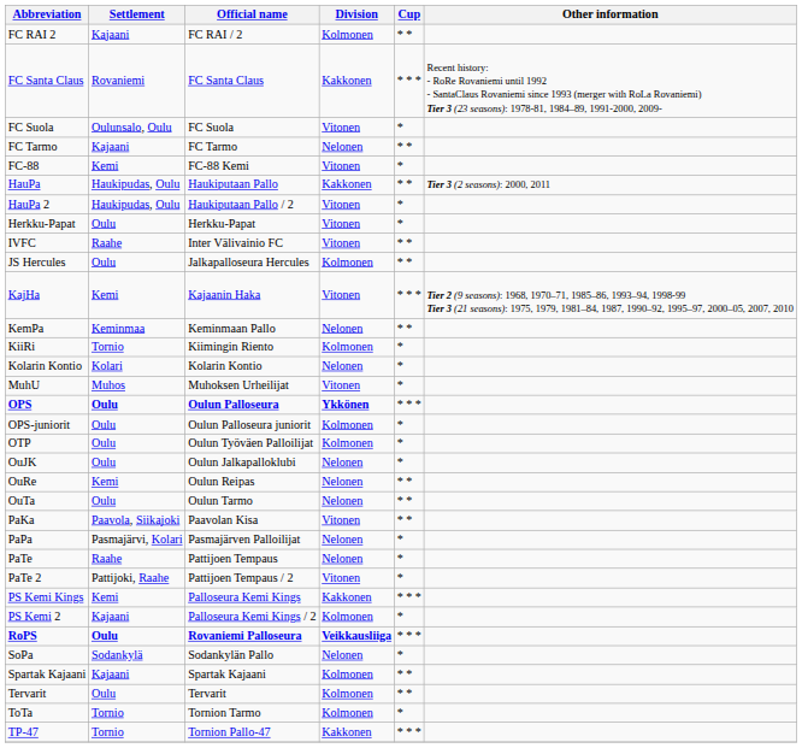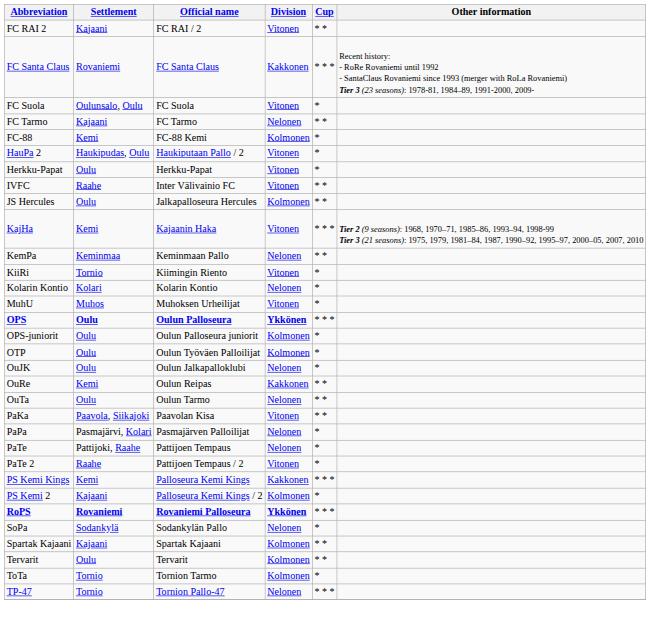 <table class="wikitable" style="text-align:left">
 <tr>
 <th style= width="120px"><a href='#'>Abbreviation</a></th>
 <th style= width="110px"><a href='#'>Settlement</a></th>
 <th style= width="200px"><a href='#'>Official name</a></th>
 <th style= width="80px"><a href='#'>Division</a></th>
 <th style= width="40px"><a href='#'>Cup</a></th>
 <th style= width="300px">Other information</th>
 </tr>
 <tr>
 <td>FC RAI 2</td>
 <td><a href='#'>Kajaani</a></td>
 <td>FC RAI / 2</td>
-<td><a href='#'>Kolmonen</a></td>
+<td><a href='#'>Vitonen</a></td>
 <td>* *</td>
 <td></td>
 </tr>
 <tr>
 <td><a href='#'>FC Santa Claus</a></td>
 <td><a href='#'>Rovaniemi</a></td>
 <td><a href='#'>FC Santa Claus</a></td>
 <td><a href='#'>Kakkonen</a></td>
 <td>* * *</td>
 <td><br><small>Recent history:</small><br> <small>- RoRe Rovaniemi until 1992</small><br> <small>- SantaClaus Rovaniemi since 1993 (merger with RoLa Rovaniemi)</small><br> <small><strong><em>Tier 3</em></strong> <em>(23 seasons)</em>: 1978-81, 1984–89, 1991-2000, 2009-</small><br></td>
 </tr>
 <tr>
 <td>FC Suola</td>
 <td><a href='#'>Oulunsalo</a>, <a href='#'>Oulu</a></td>
 <td>FC Suola</td>
 <td><a href='#'>Vitonen</a></td>
 <td>*</td>
 <td></td>
 </tr>
 <tr>
 <td>FC Tarmo</td>
 <td><a href='#'>Kajaani</a></td>
 <td>FC Tarmo</td>
 <td><a href='#'>Nelonen</a></td>
 <td>* *</td>
 <td></td>
 </tr>
 <tr>
 <td>FC-88</td>
 <td><a href='#'>Kemi</a></td>
 <td>FC-88 Kemi</td>
-<td><a href='#'>Vitonen</a></td>
+<td><a href='#'>Kolmonen</a></td>
 <td>*</td>
 <td></td>
-</tr>
-<tr>
-<td><a href='#'>HauPa</a></td>
-<td><a href='#'>Haukipudas</a>, <a href='#'>Oulu</a></td>
-<td><a href='#'>Haukiputaan Pallo</a></td>
-<td><a href='#'>Kakkonen</a></td>
-<td>* *</td>
-<td><small><strong><em>Tier 3</em></strong> <em>(2 seasons)</em>: 2000, 2011</small><br></td>
 </tr>
 <tr>
 <td><a href='#'>HauPa</a> 2</td>
 <td><a href='#'>Haukipudas</a>, <a href='#'>Oulu</a></td>
 <td><a href='#'>Haukiputaan Pallo</a> / 2</td>
 <td><a href='#'>Vitonen</a></td>
 <td>*</td>
 <td></td>
 </tr>
 <tr>
 <td>Herkku-Papat</td>
 <td><a href='#'>Oulu</a></td>
 <td>Herkku-Papat</td>
 <td><a href='#'>Vitonen</a></td>
 <td>*</td>
 <td></td>
 </tr>
 <tr>
 <td>IVFC</td>
 <td><a href='#'>Raahe</a></td>
 <td>Inter Välivainio FC</td>
 <td><a href='#'>Vitonen</a></td>
 <td>* *</td>
 <td></td>
 </tr>
 <tr>
 <td>JS Hercules</td>
 <td><a href='#'>Oulu</a></td>
 <td>Jalkapalloseura Hercules</td>
 <td><a href='#'>Kolmonen</a></td>
 <td>* *</td>
 <td></td>
 </tr>
 <tr>
 <td><a href='#'>KajHa</a></td>
 <td><a href='#'>Kemi</a></td>
 <td><a href='#'>Kajaanin Haka</a></td>
 <td><a href='#'>Vitonen</a></td>
 <td>* * *</td>
 <td><br><small><strong><em>Tier 2</em></strong> <em>(9 seasons)</em>: 1968, 1970–71, 1985–86, 1993–94, 1998-99</small><br> <small><strong><em>Tier 3</em></strong> <em>(21 seasons)</em>: 1975, 1979, 1981–84, 1987, 1990–92, 1995–97, 2000–05, 2007, 2010</small><br></td>
 </tr>
 <tr>
 <td>KemPa</td>
 <td><a href='#'>Keminmaa</a></td>
 <td>Keminmaan Pallo</td>
 <td><a href='#'>Nelonen</a></td>
 <td>* *</td>
 <td></td>
 </tr>
 <tr>
 <td>KiiRi</td>
 <td><a href='#'>Tornio</a></td>
 <td>Kiimingin Riento</td>
-<td><a href='#'>Kolmonen</a></td>
+<td><a href='#'>Vitonen</a></td>
 <td>*</td>
 <td></td>
 </tr>
 <tr>
 <td>Kolarin Kontio</td>
 <td><a href='#'>Kolari</a></td>
 <td>Kolarin Kontio</td>
 <td><a href='#'>Nelonen</a></td>
 <td>*</td>
 <td></td>
 </tr>
 <tr>
 <td>MuhU</td>
 <td><a href='#'>Muhos</a></td>
 <td>Muhoksen Urheilijat</td>
 <td><a href='#'>Vitonen</a></td>
 <td>*</td>
 <td></td>
 </tr>
 <tr>
 <td><strong><a href='#'>OPS</a></strong></td>
 <td><strong><a href='#'>Oulu</a></strong></td>
 <td><strong><a href='#'>Oulun Palloseura</a></strong></td>
 <td><strong><a href='#'>Ykkönen</a></strong></td>
 <td>* * *</td>
 <td></td>
 </tr>
 <tr>
 <td>OPS-juniorit</td>
 <td><a href='#'>Oulu</a></td>
 <td>Oulun Palloseura juniorit</td>
 <td><a href='#'>Kolmonen</a></td>
 <td>*</td>
 <td></td>
 </tr>
 <tr>
 <td>OTP</td>
 <td><a href='#'>Oulu</a></td>
 <td>Oulun Työväen Palloilijat</td>
 <td><a href='#'>Kolmonen</a></td>
 <td>*</td>
 <td></td>
 </tr>
 <tr>
 <td>OuJK</td>
 <td><a href='#'>Oulu</a></td>
 <td>Oulun Jalkapalloklubi</td>
 <td><a href='#'>Nelonen</a></td>
 <td>*</td>
 <td></td>
 </tr>
 <tr>
 <td>OuRe</td>
 <td><a href='#'>Kemi</a></td>
 <td>Oulun Reipas</td>
-<td><a href='#'>Nelonen</a></td>
+<td><a href='#'>Kakkonen</a></td>
 <td>* *</td>
 <td></td>
 </tr>
 <tr>
 <td>OuTa</td>
 <td><a href='#'>Oulu</a></td>
 <td>Oulun Tarmo</td>
 <td><a href='#'>Nelonen</a></td>
 <td>* *</td>
 <td></td>
 </tr>
 <tr>
 <td>PaKa</td>
 <td><a href='#'>Paavola</a>, <a href='#'>Siikajoki</a></td>
 <td>Paavolan Kisa</td>
 <td><a href='#'>Vitonen</a></td>
 <td>* *</td>
 <td></td>
 </tr>
 <tr>
 <td>PaPa</td>
 <td>Pasmajärvi, <a href='#'>Kolari</a></td>
 <td>Pasmajärven Palloilijat</td>
 <td><a href='#'>Nelonen</a></td>
 <td>*</td>
 <td></td>
 </tr>
 <tr>
 <td>PaTe</td>
-<td><a href='#'>Raahe</a></td>
+<td>Pattijoki, <a href='#'>Raahe</a></td>
 <td>Pattijoen Tempaus</td>
 <td><a href='#'>Nelonen</a></td>
 <td>*</td>
 <td></td>
 </tr>
 <tr>
 <td>PaTe 2</td>
-<td>Pattijoki, <a href='#'>Raahe</a></td>
+<td><a href='#'>Raahe</a></td>
 <td>Pattijoen Tempaus / 2</td>
 <td><a href='#'>Vitonen</a></td>
 <td>*</td>
 <td></td>
 </tr>
 <tr>
 <td><a href='#'>PS Kemi Kings</a></td>
 <td><a href='#'>Kemi</a></td>
 <td><a href='#'>Palloseura Kemi Kings</a></td>
 <td><a href='#'>Kakkonen</a></td>
 <td>* * *</td>
 <td></td>
 </tr>
 <tr>
 <td><a href='#'>PS Kemi</a> 2</td>
 <td><a href='#'>Kajaani</a></td>
 <td><a href='#'>Palloseura Kemi Kings</a> / 2</td>
 <td><a href='#'>Kolmonen</a></td>
 <td>*</td>
 <td></td>
 </tr>
 <tr>
 <td><strong><a href='#'>RoPS</a></strong></td>
-<td><strong><a href='#'>Oulu</a></strong></td>
+<td><strong><a href='#'>Rovaniemi</a></strong></td>
 <td><strong><a href='#'>Rovaniemi Palloseura</a></strong></td>
-<td><strong><a href='#'>Veikkausliiga</a></strong></td>
+<td><strong><a href='#'>Ykkönen</a></strong></td>
 <td>* * *</td>
 <td></td>
 </tr>
 <tr>
 <td>SoPa</td>
 <td><a href='#'>Sodankylä</a></td>
 <td>Sodankylän Pallo</td>
 <td><a href='#'>Nelonen</a></td>
 <td>*</td>
 <td></td>
 </tr>
 <tr>
 <td>Spartak Kajaani</td>
 <td><a href='#'>Kajaani</a></td>
 <td>Spartak Kajaani</td>
 <td><a href='#'>Kolmonen</a></td>
 <td>* *</td>
 <td></td>
 </tr>
 <tr>
 <td>Tervarit</td>
 <td><a href='#'>Oulu</a></td>
 <td>Tervarit</td>
 <td><a href='#'>Kolmonen</a></td>
 <td>* *</td>
 <td></td>
 </tr>
 <tr>
 <td>ToTa</td>
 <td><a href='#'>Tornio</a></td>
 <td>Tornion Tarmo</td>
 <td><a href='#'>Kolmonen</a></td>
 <td>*</td>
 <td></td>
 </tr>
 <tr>
 <td><a href='#'>TP-47</a></td>
 <td><a href='#'>Tornio</a></td>
 <td><a href='#'>Tornion Pallo-47</a></td>
-<td><a href='#'>Kakkonen</a></td>
+<td><a href='#'>Nelonen</a></td>
 <td>* * *</td>
 <td></td>
 </tr>
 <tr>
 </tr>
 </table>
